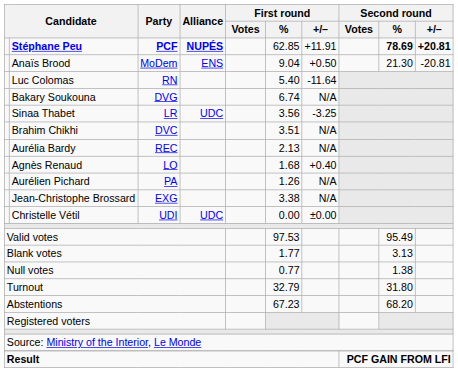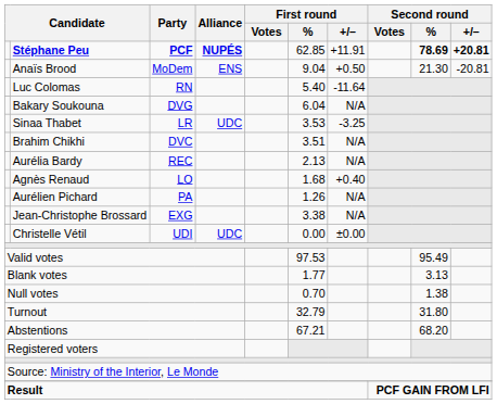 <table class="wikitable" style="text-align:right;font-size:95%;">
 <tr>
 <th rowspan="2" colspan="2">Candidate</th>
 <th rowspan="2">Party</th>
 <th rowspan="2">Alliance</th>
 <th colspan="3">First round</th>
 <th colspan="3">Second round</th>
 </tr>
 <tr>
 <th style="width:50px;">Votes</th>
 <th style="width:45px;">%</th>
 <th style="width:45px;">+/–</th>
 <th style="width:50px;">Votes</th>
 <th style="width:45px;">%</th>
 <th style="width:45px;">+/–</th>
 </tr>
 <tr>
 <td style="color:inherit;background:"></td>
 <td style="text-align:left;"><strong><a href='#'>Stéphane Peu</a></strong></td>
 <td><a href='#'><strong>PCF</strong></a> </td>
 <td><a href='#'><strong>NUPÉS</strong></a> </td>
 <td></td>
 <td>62.85</td>
 <td>+11.91</td>
 <td><strong></strong></td>
 <td><strong>78.69</strong></td>
 <td><strong>+20.81</strong></td>
 </tr>
 <tr>
 <td style="color:inherit;background:"></td>
 <td style="text-align:left;">Anaïs Brood</td>
 <td><a href='#'>MoDem</a> </td>
 <td><a href='#'>ENS</a> </td>
 <td></td>
 <td>9.04</td>
 <td>+0.50</td>
 <td></td>
 <td>21.30</td>
 <td>-20.81</td>
 </tr>
 <tr>
 <td style="color:inherit;background:"></td>
 <td style="text-align:left;">Luc Colomas</td>
 <td><a href='#'>RN</a></td>
 <td></td>
 <td></td>
 <td>5.40</td>
 <td>-11.64</td>
 <td colspan="3" style="background:#E9E9E9;"></td>
 </tr>
 <tr>
 <td style="color:inherit;background:"></td>
 <td style="text-align:left;">Bakary Soukouna</td>
 <td><a href='#'>DVG</a></td>
 <td></td>
 <td></td>
-<td>6.74</td>
+<td>6.04</td>
 <td>N/A</td>
 <td colspan="3" style="background:#E9E9E9;"></td>
 </tr>
 <tr>
 <td style="color:inherit;background:"></td>
 <td style="text-align:left;">Sinaa Thabet</td>
 <td><a href='#'>LR</a></td>
 <td><a href='#'>UDC</a></td>
 <td></td>
-<td>3.56</td>
+<td>3.53</td>
 <td>-3.25</td>
 <td colspan="3" style="background:#E9E9E9;"></td>
 </tr>
 <tr>
 <td style="color:inherit;background:"></td>
 <td style="text-align:left;">Brahim Chikhi</td>
 <td><a href='#'>DVC</a></td>
 <td></td>
 <td></td>
 <td>3.51</td>
 <td>N/A</td>
 <td colspan="3" style="background:#E9E9E9;"></td>
 </tr>
 <tr>
 <td style="color:inherit;background:"></td>
 <td style="text-align:left;">Aurélia Bardy</td>
 <td><a href='#'>REC</a></td>
 <td></td>
 <td></td>
 <td>2.13</td>
 <td>N/A</td>
 <td colspan="3" style="background:#E9E9E9;"></td>
 </tr>
 <tr>
 <td style="color:inherit;background:"></td>
 <td style="text-align:left;">Agnès Renaud</td>
 <td><a href='#'>LO</a></td>
 <td></td>
 <td></td>
 <td>1.68</td>
 <td>+0.40</td>
 <td colspan="3" style="background:#E9E9E9;"></td>
 </tr>
 <tr>
 <td style="color:inherit;background:"></td>
 <td style="text-align:left;">Aurélien Pichard</td>
 <td><a href='#'>PA</a></td>
 <td></td>
 <td></td>
 <td>1.26</td>
 <td>N/A</td>
 <td colspan="3" style="background:#E9E9E9;"></td>
 </tr>
 <tr>
 <td style="color:inherit;background:"></td>
 <td style="text-align:left;">Jean-Christophe Brossard</td>
 <td><a href='#'>EXG</a></td>
 <td></td>
 <td></td>
 <td>3.38</td>
 <td>N/A</td>
 <td colspan="3" style="background:#E9E9E9;"></td>
 </tr>
 <tr>
 <td style="color:inherit;background:"></td>
 <td style="text-align:left;">Christelle Vétil</td>
 <td><a href='#'>UDI</a></td>
 <td><a href='#'>UDC</a></td>
 <td></td>
 <td>0.00</td>
 <td>±0.00</td>
 <td colspan="3" style="background:#E9E9E9;"></td>
 </tr>
 <tr>
 <td colspan="10" style="background:#E9E9E9;"></td>
 </tr>
 <tr>
 <td colspan="4" style="text-align:left;">Valid votes</td>
 <td></td>
 <td>97.53</td>
 <td></td>
 <td></td>
 <td>95.49</td>
 <td></td>
 </tr>
 <tr>
 <td colspan="4" style="text-align:left;">Blank votes</td>
 <td></td>
 <td>1.77</td>
 <td></td>
 <td></td>
 <td>3.13</td>
 <td></td>
 </tr>
 <tr>
 <td colspan="4" style="text-align:left;">Null votes</td>
 <td></td>
-<td>0.77</td>
+<td>0.70</td>
 <td></td>
 <td></td>
 <td>1.38</td>
 <td></td>
 </tr>
 <tr>
 <td colspan="4" style="text-align:left;">Turnout</td>
 <td></td>
 <td>32.79</td>
 <td></td>
 <td></td>
 <td>31.80</td>
 <td></td>
 </tr>
 <tr>
 <td colspan="4" style="text-align:left;">Abstentions</td>
 <td></td>
-<td>67.23</td>
+<td>67.21</td>
 <td></td>
 <td></td>
 <td>68.20</td>
 <td></td>
 </tr>
 <tr>
 <td colspan="4" style="text-align:left;">Registered voters</td>
 <td></td>
 <td colspan="2" style="background:#E9E9E9;"></td>
 <td></td>
 <td colspan="2" style="background:#E9E9E9;"></td>
 </tr>
 <tr>
 <td colspan="10" style="background:#E9E9E9;"></td>
 </tr>
 <tr>
 <td colspan="10" style="text-align:left;">Source: <a href='#'>Ministry of the Interior</a>, <a href='#'>Le Monde</a></td>
 </tr>
 <tr>
 </tr>
 <tr style="font-weight:bold">
 <td colspan="7" style="text-align:left;">Result</td>
 <td colspan="7" style="background-color:">PCF GAIN FROM LFI</td>
 </tr>
 </table>
